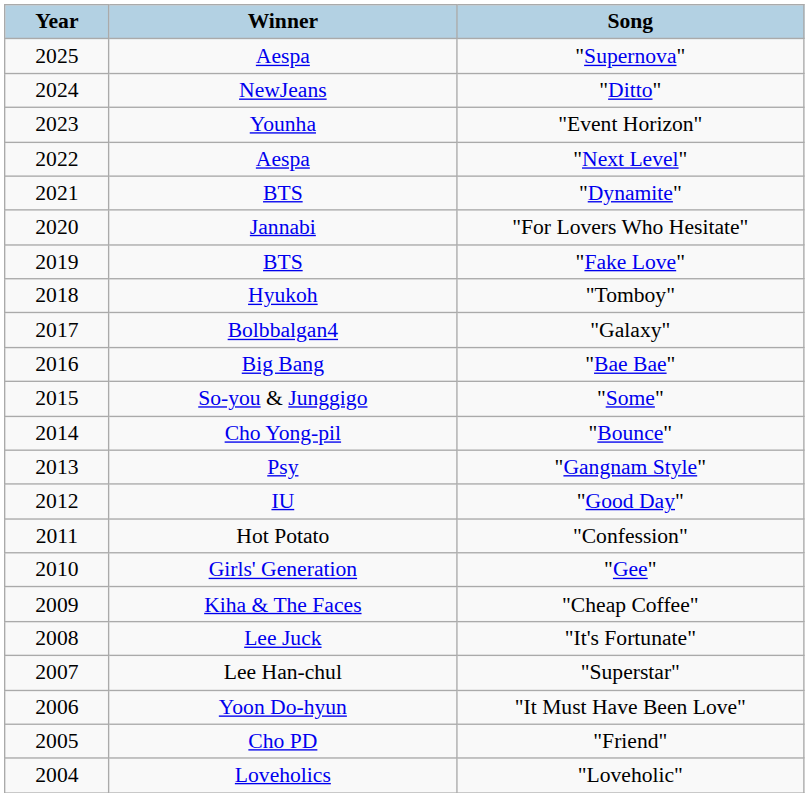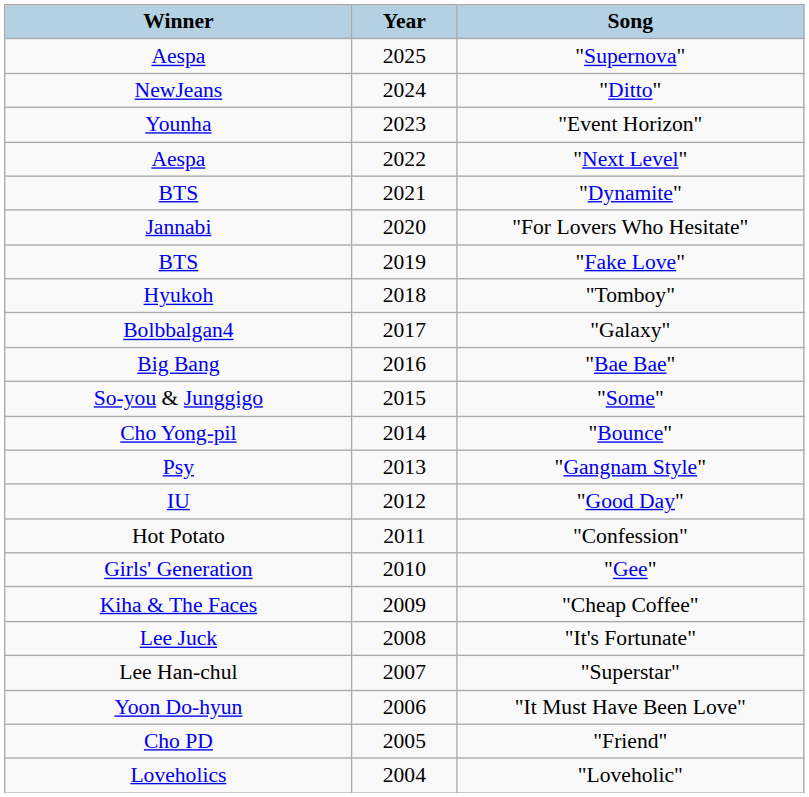 <table class="wikitable" style="text-align: center">
 <tr>
+<th width="250" style="background:#b3d1e3;">Winner</th>
 <th width="70" style="background:#b3d1e3;">Year</th>
-<th width="250" style="background:#b3d1e3;">Winner</th>
 <th width="250" style="background:#b3d1e3;">Song</th>
 </tr>
 <tr>
+<td><a href='#'>Aespa</a></td>
 <td>2025</td>
-<td><a href='#'>Aespa</a></td>
 <td>"<a href='#'>Supernova</a>"</td>
 </tr>
 <tr>
+<td><a href='#'>NewJeans</a></td>
 <td>2024</td>
-<td><a href='#'>NewJeans</a></td>
 <td>"<a href='#'>Ditto</a>"</td>
 </tr>
 <tr>
+<td><a href='#'>Younha</a></td>
 <td>2023</td>
-<td><a href='#'>Younha</a></td>
 <td>"Event Horizon"</td>
 </tr>
 <tr>
+<td><a href='#'>Aespa</a></td>
 <td>2022</td>
-<td><a href='#'>Aespa</a></td>
 <td>"<a href='#'>Next Level</a>"</td>
 </tr>
 <tr>
+<td><a href='#'>BTS</a></td>
 <td>2021</td>
-<td><a href='#'>BTS</a></td>
 <td>"<a href='#'>Dynamite</a>"</td>
 </tr>
 <tr>
+<td><a href='#'>Jannabi</a></td>
 <td>2020</td>
-<td><a href='#'>Jannabi</a></td>
 <td>"For Lovers Who Hesitate"</td>
 </tr>
 <tr>
+<td><a href='#'>BTS</a></td>
 <td>2019</td>
-<td><a href='#'>BTS</a></td>
 <td>"<a href='#'>Fake Love</a>"</td>
 </tr>
 <tr>
+<td><a href='#'>Hyukoh</a></td>
 <td>2018</td>
-<td><a href='#'>Hyukoh</a></td>
 <td>"Tomboy"</td>
 </tr>
 <tr>
+<td><a href='#'>Bolbbalgan4</a></td>
 <td>2017</td>
-<td><a href='#'>Bolbbalgan4</a></td>
 <td>"Galaxy"</td>
 </tr>
 <tr>
+<td><a href='#'>Big Bang</a></td>
 <td>2016</td>
-<td><a href='#'>Big Bang</a></td>
 <td>"<a href='#'>Bae Bae</a>"</td>
 </tr>
 <tr>
+<td><a href='#'>So-you</a> & <a href='#'>Junggigo</a></td>
 <td>2015</td>
-<td><a href='#'>So-you</a> & <a href='#'>Junggigo</a></td>
 <td>"<a href='#'>Some</a>"</td>
 </tr>
 <tr>
+<td><a href='#'>Cho Yong-pil</a></td>
 <td>2014</td>
-<td><a href='#'>Cho Yong-pil</a></td>
 <td>"<a href='#'>Bounce</a>"</td>
 </tr>
 <tr>
+<td><a href='#'>Psy</a></td>
 <td>2013</td>
-<td><a href='#'>Psy</a></td>
 <td>"<a href='#'>Gangnam Style</a>"</td>
 </tr>
 <tr>
+<td><a href='#'>IU</a></td>
 <td>2012</td>
-<td><a href='#'>IU</a></td>
 <td>"<a href='#'>Good Day</a>"</td>
 </tr>
 <tr>
+<td>Hot Potato</td>
 <td>2011</td>
-<td>Hot Potato</td>
 <td>"Confession"</td>
 </tr>
 <tr>
+<td><a href='#'>Girls' Generation</a></td>
 <td>2010</td>
-<td><a href='#'>Girls' Generation</a></td>
 <td>"<a href='#'>Gee</a>"</td>
 </tr>
 <tr>
+<td><a href='#'>Kiha & The Faces</a></td>
 <td>2009</td>
-<td><a href='#'>Kiha & The Faces</a></td>
 <td>"Cheap Coffee"</td>
 </tr>
 <tr>
+<td><a href='#'>Lee Juck</a></td>
 <td>2008</td>
-<td><a href='#'>Lee Juck</a></td>
 <td>"It's Fortunate"</td>
 </tr>
 <tr>
+<td>Lee Han-chul</td>
 <td>2007</td>
-<td>Lee Han-chul</td>
 <td>"Superstar"</td>
 </tr>
 <tr>
+<td><a href='#'>Yoon Do-hyun</a></td>
 <td>2006</td>
-<td><a href='#'>Yoon Do-hyun</a></td>
 <td>"It Must Have Been Love"</td>
 </tr>
 <tr>
+<td><a href='#'>Cho PD</a></td>
 <td>2005</td>
-<td><a href='#'>Cho PD</a></td>
 <td>"Friend"</td>
 </tr>
 <tr>
+<td><a href='#'>Loveholics</a></td>
 <td>2004</td>
-<td><a href='#'>Loveholics</a></td>
 <td>"Loveholic"</td>
 </tr>
 </table>
